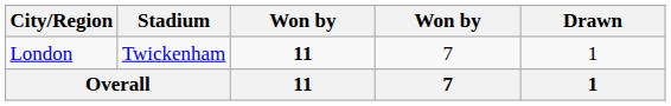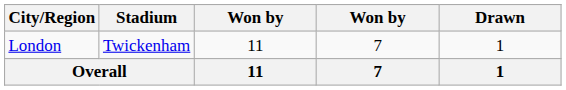 <table class="wikitable">
 <tr>
 <th>City/Region</th>
 <th>Stadium</th>
 <th width=108px>Won by </th>
 <th width=108px>Won by </th>
 <th width=108px>Drawn</th>
 </tr>
 <tr>
 <td><a href='#'>London</a></td>
 <td><a href='#'>Twickenham</a></td>
-<td align=center><strong>11</strong></td>
+<td align=center>11</td>
 <td align=center>7</td>
 <td align=center>1</td>
 </tr>
 <tr>
 <th colspan=2>Overall</th>
 <th align=center>11</th>
 <th align=center>7</th>
 <th align=center>1</th>
 </tr>
 </table>
